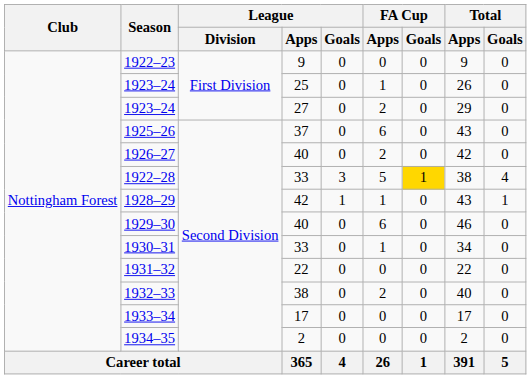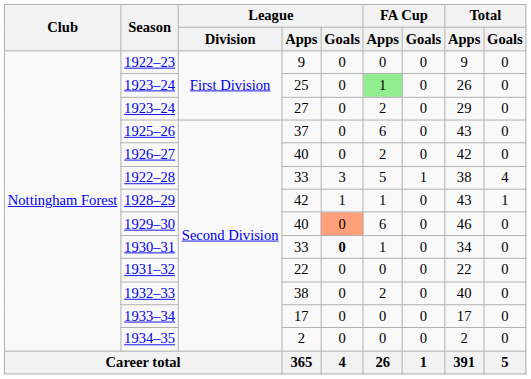 <table class="wikitable" style="text-align: center">
 <tr>
 <th rowspan="2">Club</th>
 <th rowspan="2">Season</th>
 <th colspan="3">League</th>
 <th colspan="2">FA Cup</th>
 <th colspan="2">Total</th>
 </tr>
 <tr>
 <th>Division</th>
 <th>Apps</th>
 <th>Goals</th>
 <th>Apps</th>
 <th>Goals</th>
 <th>Apps</th>
 <th>Goals</th>
 </tr>
 <tr>
 <td rowspan="13"><a href='#'>Nottingham Forest</a></td>
 <td><a href='#'>1922–23</a></td>
 <td rowspan="3"><a href='#'>First Division</a></td>
 <td>9</td>
 <td>0</td>
 <td>0</td>
 <td>0</td>
 <td>9</td>
 <td>0</td>
 </tr>
 <tr>
 <td><a href='#'>1923–24</a></td>
 <td>25</td>
 <td>0</td>
-<td>1</td>
+<td style="background: lightgreen;">1</td>
 <td>0</td>
 <td>26</td>
 <td>0</td>
 </tr>
 <tr>
 <td><a href='#'>1923–24</a></td>
 <td>27</td>
 <td>0</td>
 <td>2</td>
 <td>0</td>
 <td>29</td>
 <td>0</td>
 </tr>
 <tr>
 <td><a href='#'>1925–26</a></td>
 <td rowspan="10"><a href='#'>Second Division</a></td>
 <td>37</td>
 <td>0</td>
 <td>6</td>
 <td>0</td>
 <td>43</td>
 <td>0</td>
 </tr>
 <tr>
 <td><a href='#'>1926–27</a></td>
 <td>40</td>
 <td>0</td>
 <td>2</td>
 <td>0</td>
 <td>42</td>
 <td>0</td>
 </tr>
 <tr>
 <td><a href='#'>1922–28</a></td>
 <td>33</td>
 <td>3</td>
 <td>5</td>
-<td style="background: gold;">1</td>
+<td>1</td>
 <td>38</td>
 <td>4</td>
 </tr>
 <tr>
 <td><a href='#'>1928–29</a></td>
 <td>42</td>
 <td>1</td>
 <td>1</td>
 <td>0</td>
 <td>43</td>
 <td>1</td>
 </tr>
 <tr>
 <td><a href='#'>1929–30</a></td>
 <td>40</td>
-<td>0</td>
+<td style="background: lightsalmon;">0</td>
 <td>6</td>
 <td>0</td>
 <td>46</td>
 <td>0</td>
 </tr>
 <tr>
 <td><a href='#'>1930–31</a></td>
 <td>33</td>
-<td>0</td>
+<td><strong>0</strong></td>
 <td>1</td>
 <td>0</td>
 <td>34</td>
 <td>0</td>
 </tr>
 <tr>
 <td><a href='#'>1931–32</a></td>
 <td>22</td>
 <td>0</td>
 <td>0</td>
 <td>0</td>
 <td>22</td>
 <td>0</td>
 </tr>
 <tr>
 <td><a href='#'>1932–33</a></td>
 <td>38</td>
 <td>0</td>
 <td>2</td>
 <td>0</td>
 <td>40</td>
 <td>0</td>
 </tr>
 <tr>
 <td><a href='#'>1933–34</a></td>
 <td>17</td>
 <td>0</td>
 <td>0</td>
 <td>0</td>
 <td>17</td>
 <td>0</td>
 </tr>
 <tr>
 <td><a href='#'>1934–35</a></td>
 <td>2</td>
 <td>0</td>
 <td>0</td>
 <td>0</td>
 <td>2</td>
 <td>0</td>
 </tr>
 <tr>
 <th colspan="3">Career total</th>
 <th>365</th>
 <th>4</th>
 <th>26</th>
 <th>1</th>
 <th>391</th>
 <th>5</th>
 </tr>
 </table>
